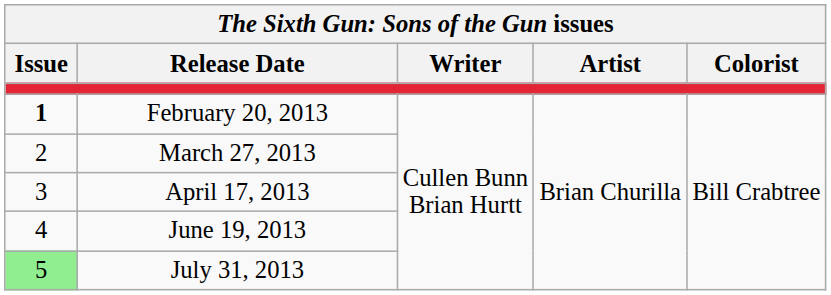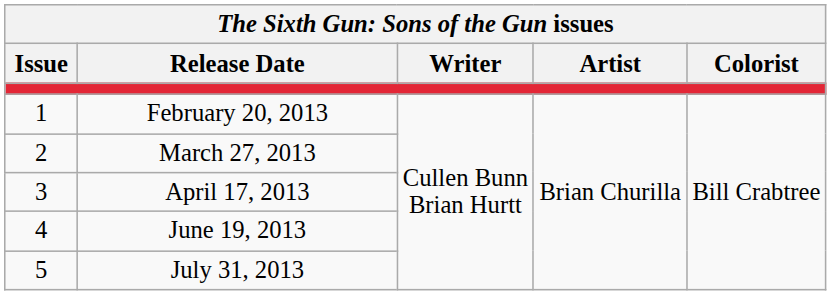 <table class="wikitable mw-collapsible mw-collapsed" style="text-align: center">
 <tr>
 <th colspan=5><em>The Sixth Gun: Sons of the Gun</em> issues</th>
 </tr>
 <tr>
 <th width="40px">Issue</th>
 <th width="200px">Release Date</th>
 <th>Writer</th>
 <th>Artist</th>
 <th>Colorist</th>
 </tr>
 <tr>
 <td colspan=5 style=background:#e32636;></td>
 </tr>
 <tr>
-<td><strong>1</strong></td>
+<td>1</td>
 <td>February 20, 2013</td>
 <td rowspan=5>Cullen Bunn<br>Brian Hurtt</td>
 <td rowspan=5>Brian Churilla</td>
 <td rowspan=5>Bill Crabtree</td>
 </tr>
 <tr>
 <td>2</td>
 <td>March 27, 2013</td>
 </tr>
 <tr>
 <td>3</td>
 <td>April 17, 2013</td>
 </tr>
 <tr>
 <td>4</td>
 <td>June 19, 2013</td>
 </tr>
 <tr>
-<td style="background: lightgreen;">5</td>
+<td>5</td>
 <td>July 31, 2013</td>
 </tr>
 </table>
